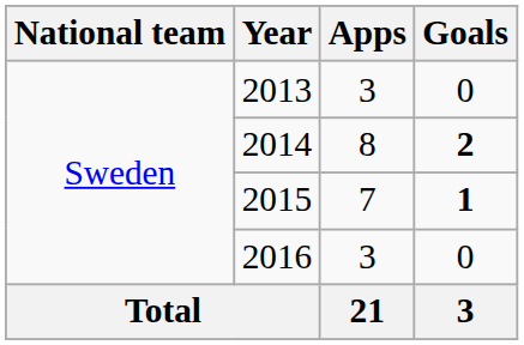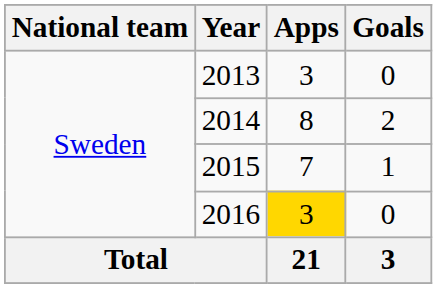 <table class="wikitable" style="text-align:center">
 <tr>
 <th>National team</th>
 <th>Year</th>
 <th>Apps</th>
 <th>Goals</th>
 </tr>
 <tr>
 <td rowspan="4"><a href='#'>Sweden</a></td>
 <td>2013</td>
 <td>3</td>
 <td>0</td>
 </tr>
 <tr>
 <td>2014</td>
 <td>8</td>
-<td><strong>2</strong></td>
+<td>2</td>
 </tr>
 <tr>
 <td>2015</td>
 <td>7</td>
-<td><strong>1</strong></td>
+<td>1</td>
 </tr>
 <tr>
 <td>2016</td>
-<td>3</td>
+<td style="background: gold;">3</td>
 <td>0</td>
 </tr>
 <tr>
 <th colspan="2">Total</th>
 <th>21</th>
 <th>3</th>
 </tr>
 </table>
